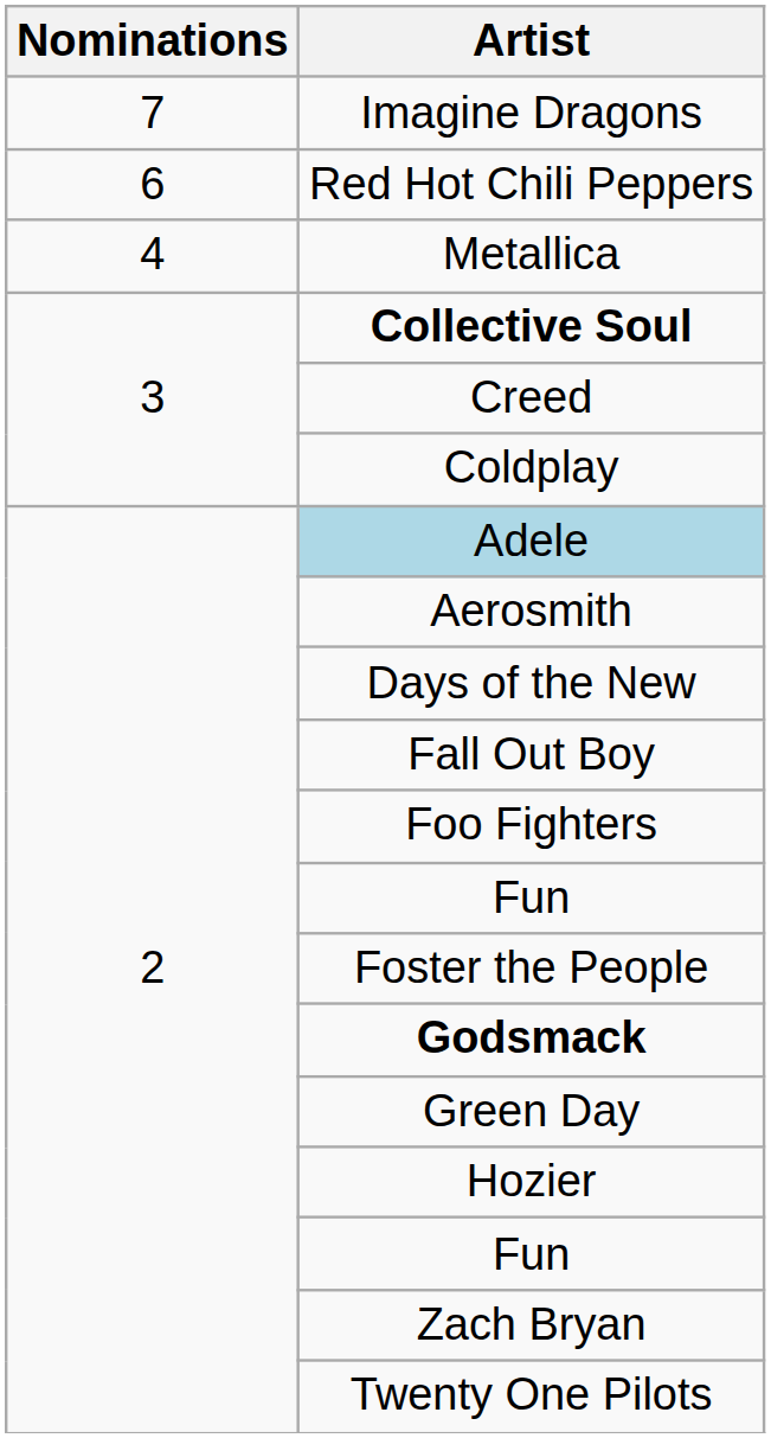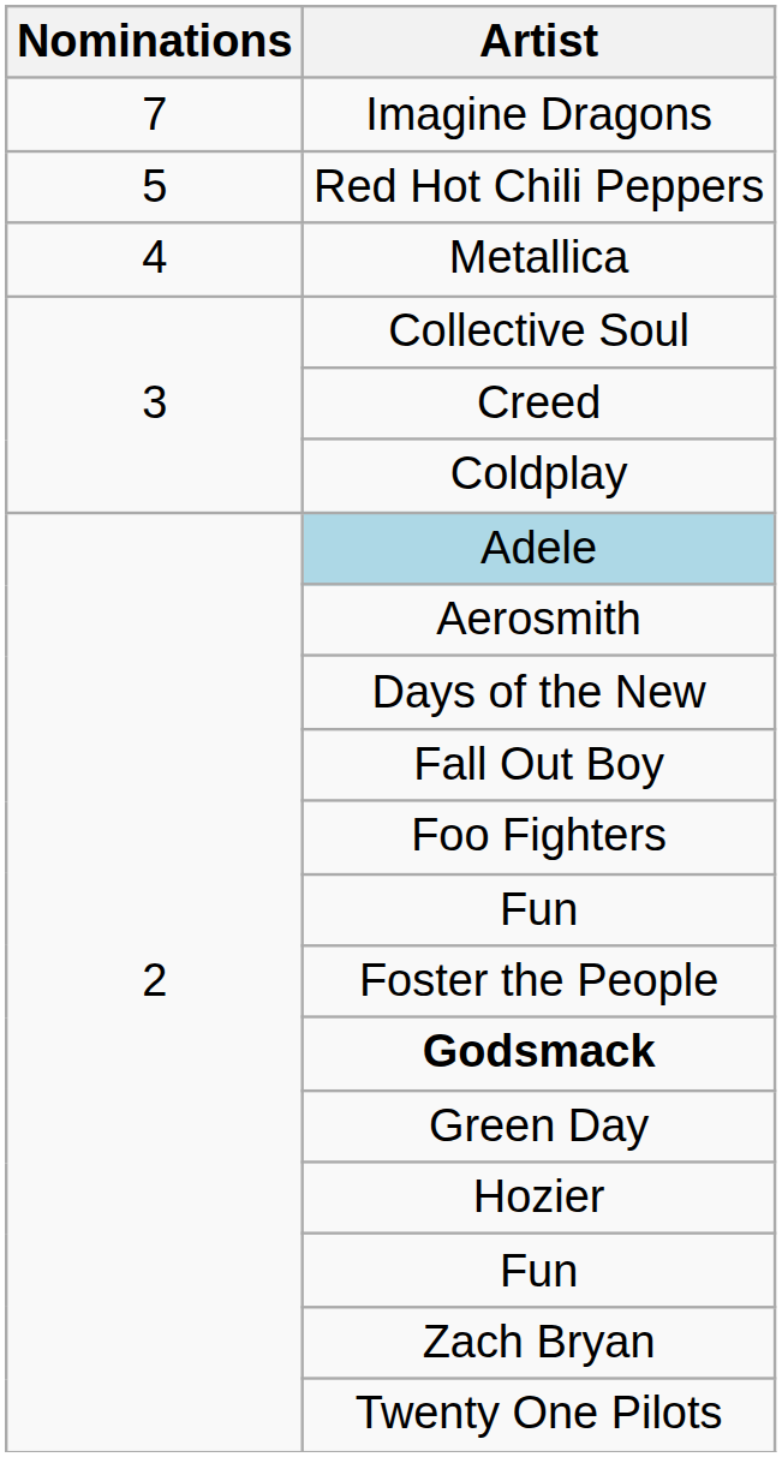 <table class="wikitable" style="text-align:center;">
 <tr>
 <th scope="col" width="55">Nominations</th>
 <th scope="col" align="center">Artist</th>
 </tr>
 <tr>
 <td rowspan=1 style="text-align:center">7</td>
 <td>Imagine Dragons</td>
 </tr>
 <tr>
-<td rowspan=1 style="text-align:center">6</td>
+<td rowspan=1 style="text-align:center">5</td>
 <td>Red Hot Chili Peppers</td>
 </tr>
 <tr>
 <td rowspan=1 style="text-align:center">4</td>
 <td>Metallica</td>
 </tr>
 <tr>
 <td rowspan=3 style="text-align:center">3</td>
-<td><strong>Collective Soul</strong></td>
+<td>Collective Soul</td>
 </tr>
 <tr>
 <td>Creed</td>
 </tr>
 <tr>
 <td>Coldplay</td>
 </tr>
 <tr>
 <td rowspan="13" style="text-align:center">2</td>
 <td style="background: lightblue;">Adele</td>
 </tr>
 <tr>
 <td>Aerosmith</td>
 </tr>
 <tr>
 <td>Days of the New</td>
 </tr>
 <tr>
 <td>Fall Out Boy</td>
 </tr>
 <tr>
 <td>Foo Fighters</td>
 </tr>
 <tr>
 <td>Fun</td>
 </tr>
 <tr>
 <td>Foster the People</td>
 </tr>
 <tr>
 <td><strong>Godsmack</strong></td>
 </tr>
 <tr>
 <td>Green Day</td>
 </tr>
 <tr>
 <td>Hozier</td>
 </tr>
 <tr>
 <td>Fun</td>
 </tr>
 <tr>
 <td>Zach Bryan</td>
 </tr>
 <tr>
 <td>Twenty One Pilots</td>
 </tr>
 <tr>
 </tr>
 </table>
